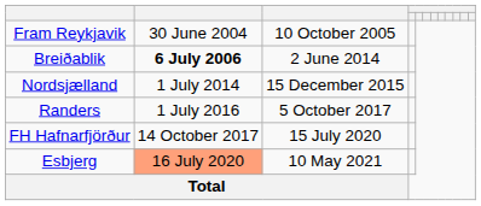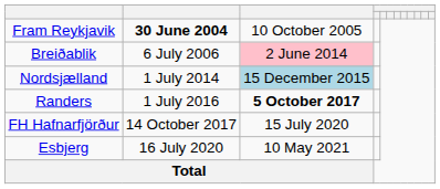 <table class="wikitable" style="text-align: center">
 <tr>
 <th rowspan="2"></th>
 <th rowspan="2"></th>
 <th rowspan="2"></th>
 <th colspan="9"></th>
 </tr>
 <tr>
 <th></th>
 <th></th>
 <th></th>
 <th></th>
 <th></th>
 <th></th>
 <th></th>
 <th></th>
 <th></th>
 </tr>
 <tr>
 <td><a href='#'>Fram Reykjavik</a></td>
-<td>30 June 2004</td>
+<td><strong>30 June 2004</strong></td>
 <td>10 October 2005<br></td>
 <td></td>
 </tr>
 <tr>
 <td><a href='#'>Breiðablik</a></td>
-<td><strong>6 July 2006</strong></td>
-<td>2 June 2014<br></td>
+<td>6 July 2006</td>
+<td style="background: pink;">2 June 2014<br></td>
 <td></td>
 </tr>
 <tr>
 <td><a href='#'>Nordsjælland</a></td>
 <td>1 July 2014</td>
-<td>15 December 2015<br></td>
+<td style="background: lightblue;">15 December 2015<br></td>
 <td></td>
 </tr>
 <tr>
 <td><a href='#'>Randers</a></td>
 <td>1 July 2016</td>
-<td>5 October 2017<br></td>
+<td><strong>5 October 2017<br></strong></td>
 <td></td>
 </tr>
 <tr>
 <td><a href='#'>FH Hafnarfjörður</a></td>
 <td>14 October 2017</td>
 <td>15 July 2020<br></td>
 <td></td>
 </tr>
 <tr>
 <td><a href='#'>Esbjerg</a></td>
-<td style="background: lightsalmon;">16 July 2020</td>
+<td>16 July 2020</td>
 <td>10 May 2021<br></td>
 <td></td>
 </tr>
 <tr>
 <th colspan="3">Total<br></th>
 </tr>
 </table>
